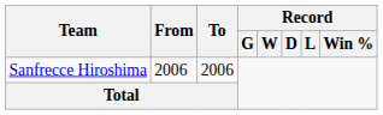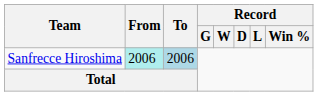 <table class="wikitable" style="text-align: center">
 <tr>
 <th rowspan="2">Team</th>
 <th rowspan="2">From</th>
 <th rowspan="2">To</th>
 <th colspan="5">Record</th>
 </tr>
 <tr>
 <th>G</th>
 <th>W</th>
 <th>D</th>
 <th>L</th>
 <th>Win %</th>
 </tr>
 <tr>
 <td align="left"><a href='#'>Sanfrecce Hiroshima</a></td>
-<td align="left">2006</td>
-<td align="left">2006<br></td>
+<td align="left" style="background: paleturquoise;">2006</td>
+<td align="left" style="background: lightblue;">2006<br></td>
 </tr>
 <tr>
 <th colspan="3">Total<br></th>
 </tr>
 </table>
